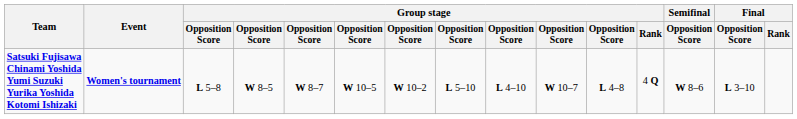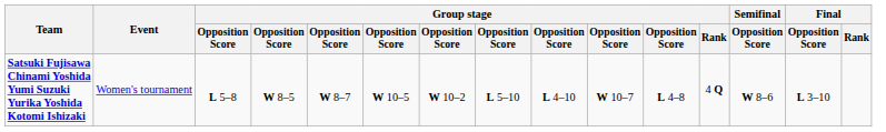 <table class=wikitable style=font-size:90%;text-align:center>
 <tr>
 <th rowspan=2>Team</th>
 <th rowspan=2>Event</th>
 <th colspan=10>Group stage</th>
 <th>Semifinal</th>
 <th colspan=2>Final</th>
 </tr>
 <tr style="font-size:95%">
 <th>Opposition<br>Score</th>
 <th>Opposition<br>Score</th>
 <th>Opposition<br>Score</th>
 <th>Opposition<br>Score</th>
 <th>Opposition<br>Score</th>
 <th>Opposition<br>Score</th>
 <th>Opposition<br>Score</th>
 <th>Opposition<br>Score</th>
 <th>Opposition<br>Score</th>
 <th>Rank</th>
 <th>Opposition<br>Score</th>
 <th>Opposition<br>Score</th>
 <th>Rank</th>
 </tr>
 <tr>
 <td align=left><strong><a href='#'>Satsuki Fujisawa</a><br><a href='#'>Chinami Yoshida</a><br><a href='#'>Yumi Suzuki</a><br><a href='#'>Yurika Yoshida</a><br><a href='#'>Kotomi Ishizaki</a></strong></td>
-<td align=left><strong><a href='#'>Women's tournament</a></strong></td>
+<td align=left><a href='#'>Women's tournament</a></td>
 <td><br><strong>L</strong> 5–8</td>
 <td><br><strong>W</strong> 8–5</td>
 <td><br><strong>W</strong> 8–7</td>
 <td><br><strong>W</strong> 10–5</td>
 <td><br><strong>W</strong> 10–2</td>
 <td><br><strong>L</strong> 5–10</td>
 <td><br><strong>L</strong> 4–10</td>
 <td><br><strong>W</strong> 10–7</td>
 <td><br><strong>L</strong> 4–8</td>
 <td>4 <strong>Q</strong></td>
 <td><br><strong>W</strong> 8–6</td>
 <td><br><strong>L</strong> 3–10</td>
 <td></td>
 </tr>
 </table>
